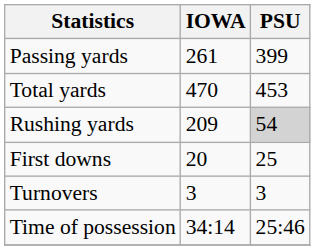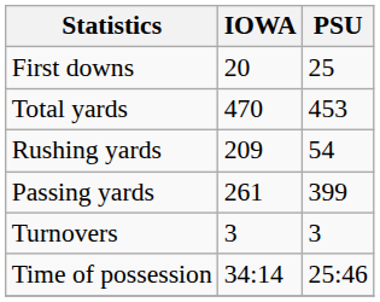 <table class="wikitable">
 <tr>
 <th>Statistics</th>
 <th>IOWA</th>
 <th>PSU</th>
 </tr>
 <tr>
-<td>Passing yards</td>
-<td>261</td>
-<td>399</td>
+<td>First downs</td>
+<td>20</td>
+<td>25</td>
 </tr>
 <tr>
 <td>Total yards</td>
 <td>470</td>
 <td>453</td>
 </tr>
 <tr>
 <td>Rushing yards</td>
 <td>209</td>
-<td style="background: lightgrey;">54</td>
+<td>54</td>
 </tr>
 <tr>
-<td>First downs</td>
-<td>20</td>
-<td>25</td>
+<td>Passing yards</td>
+<td>261</td>
+<td>399</td>
 </tr>
 <tr>
 <td>Turnovers</td>
 <td>3</td>
 <td>3</td>
 </tr>
 <tr>
 <td>Time of possession</td>
 <td>34:14</td>
 <td>25:46</td>
 </tr>
 <tr>
 </tr>
 </table>
